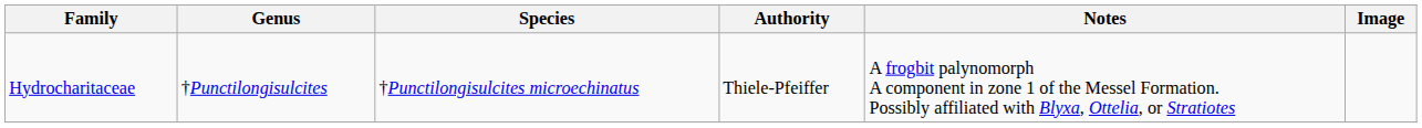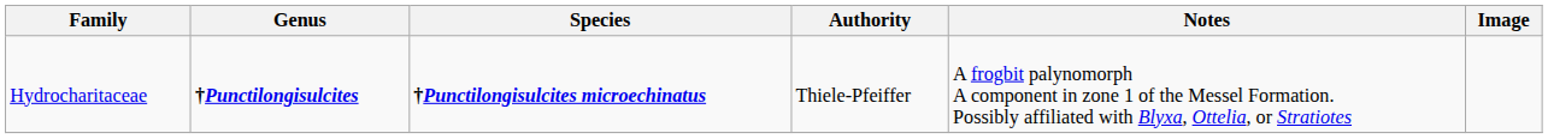 <table class="wikitable" align="center" width="100%">
 <tr>
 <th>Family</th>
 <th>Genus</th>
 <th>Species</th>
 <th>Authority</th>
 <th>Notes</th>
 <th>Image</th>
 </tr>
 <tr>
 <td><br><a href='#'>Hydrocharitaceae</a></td>
-<td><br>†<em><a href='#'>Punctilongisulcites</a></em></td>
-<td><br>†<em><a href='#'>Punctilongisulcites microechinatus</a></em></td>
+<td><strong><br>†<em><a href='#'>Punctilongisulcites</a></em></strong></td>
+<td><strong><br>†<em><a href='#'>Punctilongisulcites microechinatus</a></em></strong></td>
 <td><br>Thiele-Pfeiffer</td>
 <td><br>A <a href='#'>frogbit</a> palynomorph<br>A component in zone 1 of the Messel Formation.<br>Possibly affiliated with <em><a href='#'>Blyxa</a></em>, <em><a href='#'>Ottelia</a></em>, or <em><a href='#'>Stratiotes</a></em></td>
 <td></td>
 </tr>
 <tr>
 </tr>
 </table>
